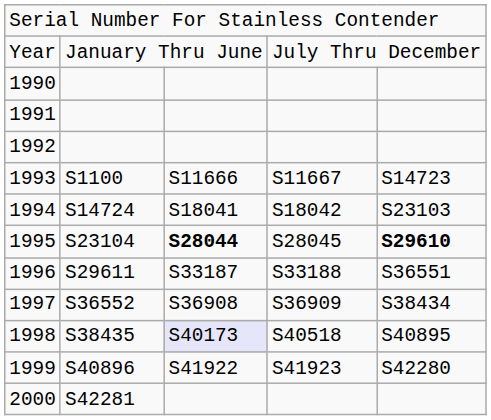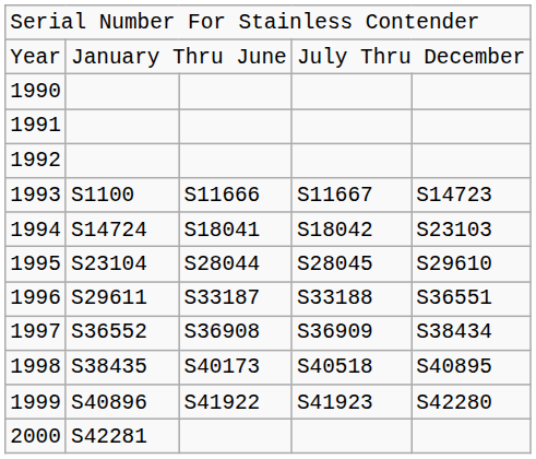 <table class="wikitable">
 <tr>
 <td colspan="5">Serial Number For Stainless Contender</td>
 </tr>
 <tr>
 <td>Year</td>
 <td colspan="2">January Thru June</td>
 <td colspan="2">July Thru December</td>
 </tr>
 <tr>
 <td>1990</td>
 <td></td>
 <td></td>
 <td></td>
 <td></td>
 </tr>
 <tr>
 <td>1991</td>
 <td></td>
 <td></td>
 <td></td>
 <td></td>
 </tr>
 <tr>
 <td>1992</td>
 <td></td>
 <td></td>
 <td></td>
 <td></td>
 </tr>
 <tr>
 <td>1993</td>
 <td>S1100</td>
 <td>S11666</td>
 <td>S11667</td>
 <td>S14723</td>
 </tr>
 <tr>
 <td>1994</td>
 <td>S14724</td>
 <td>S18041</td>
 <td>S18042</td>
 <td>S23103</td>
 </tr>
 <tr>
 <td>1995</td>
 <td>S23104</td>
-<td><strong>S28044</strong></td>
+<td>S28044</td>
 <td>S28045</td>
-<td><strong>S29610</strong></td>
+<td>S29610</td>
 </tr>
 <tr>
 <td>1996</td>
 <td>S29611</td>
 <td>S33187</td>
 <td>S33188</td>
 <td>S36551</td>
 </tr>
 <tr>
 <td>1997</td>
 <td>S36552</td>
 <td>S36908</td>
 <td>S36909</td>
 <td>S38434</td>
 </tr>
 <tr>
 <td>1998</td>
 <td>S38435</td>
-<td style="background: lavender;">S40173</td>
+<td>S40173</td>
 <td>S40518</td>
 <td>S40895</td>
 </tr>
 <tr>
 <td>1999</td>
 <td>S40896</td>
 <td>S41922</td>
 <td>S41923</td>
 <td>S42280</td>
 </tr>
 <tr>
 <td>2000</td>
 <td>S42281</td>
 <td></td>
 <td></td>
 <td></td>
 </tr>
 </table>
